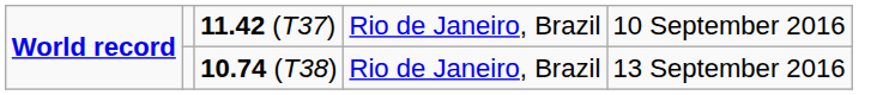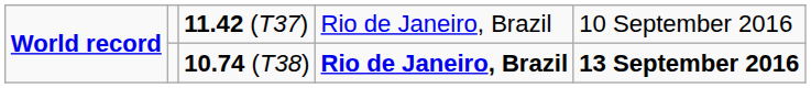 <table class="wikitable">
 <tr>
 <td rowspan=2><a href='#'><strong>World record</strong></a></td>
 <td></td>
 <td><strong>11.42</strong> (<em>T37</em>)</td>
 <td><a href='#'>Rio de Janeiro</a>, Brazil</td>
 <td>10 September 2016</td>
 </tr>
 <tr>
 <td></td>
 <td><strong>10.74</strong> (<em>T38</em>)</td>
-<td><a href='#'>Rio de Janeiro</a>, Brazil</td>
-<td>13 September 2016</td>
+<td><strong><a href='#'>Rio de Janeiro</a>, Brazil</strong></td>
+<td><strong>13 September 2016</strong></td>
 </tr>
 </table>
